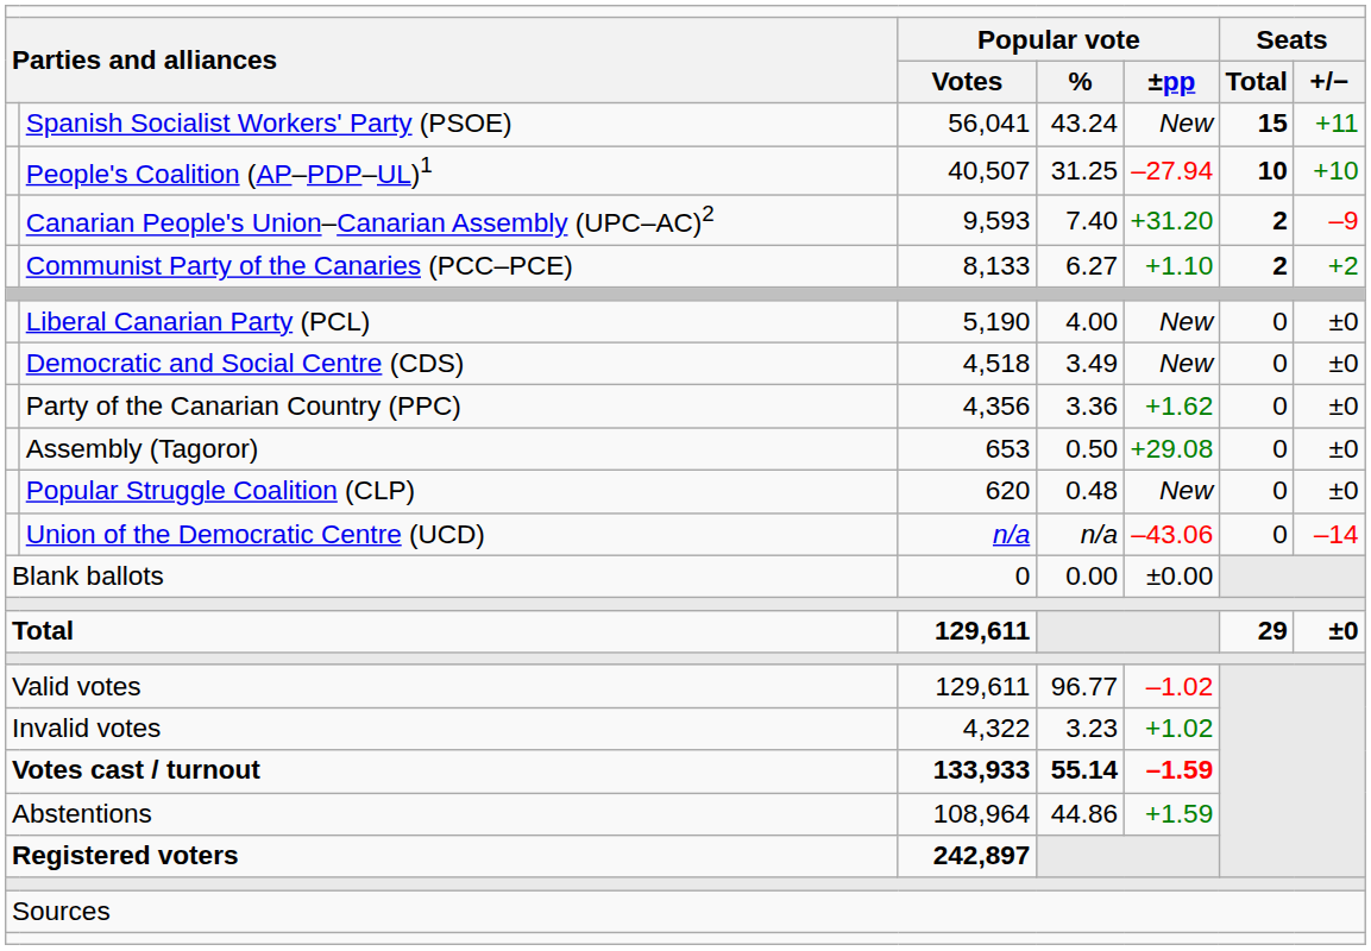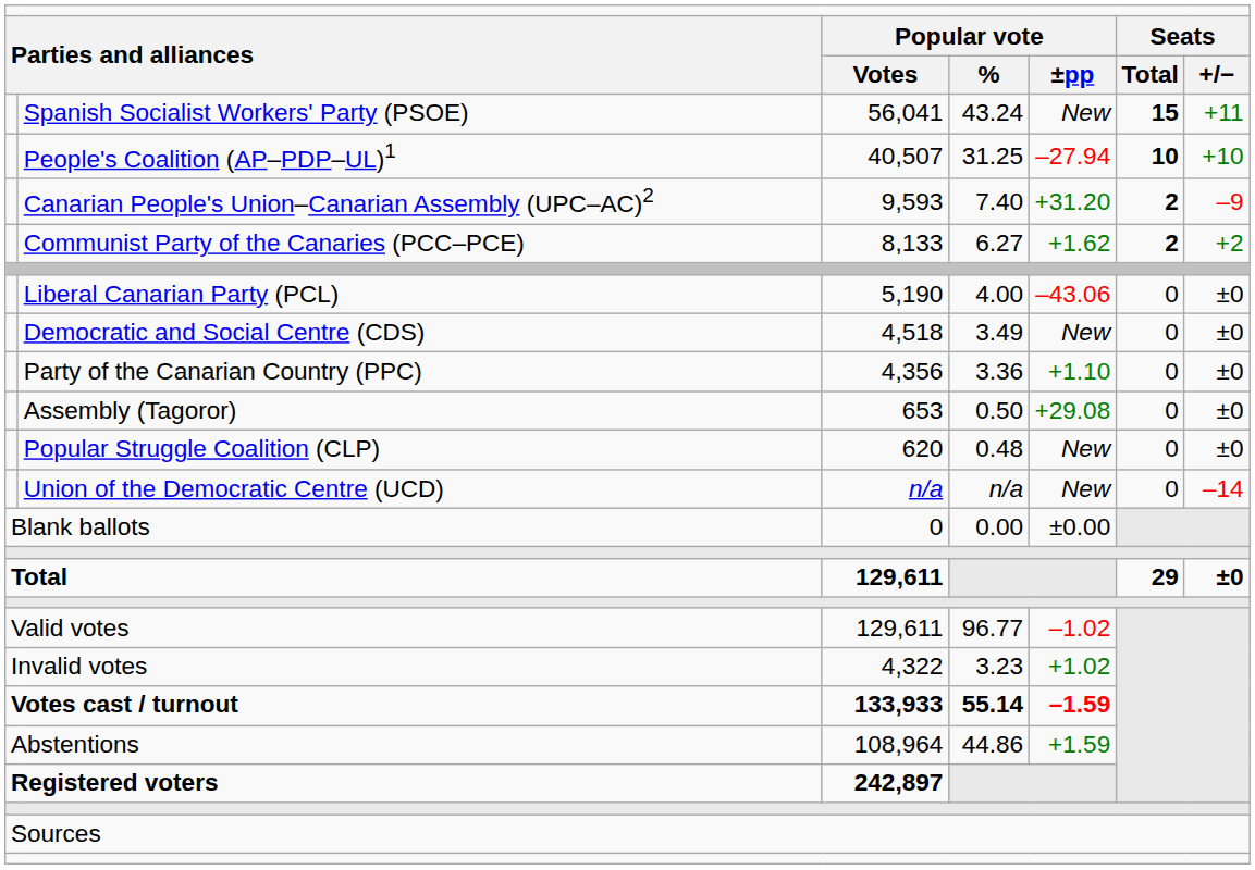 <table class="wikitable" style="text-align:right;">
 <tr>
 <td colspan="7"></td>
 </tr>
 <tr>
 <th style="text-align:left;" rowspan="2" colspan="2" width="525">Parties and alliances</th>
 <th colspan="3">Popular vote</th>
 <th colspan="2">Seats</th>
 </tr>
 <tr>
 <th width="75">Votes</th>
 <th width="45">%</th>
 <th width="45">±<a href='#'>pp</a></th>
 <th width="35">Total</th>
 <th width="35">+/−</th>
 </tr>
 <tr>
 <td width="1" style="color:inherit;background:"></td>
 <td align="left"><a href='#'>Spanish Socialist Workers' Party</a> (PSOE)</td>
 <td>56,041</td>
 <td>43.24</td>
 <td><em>New</em></td>
 <td><strong>15</strong></td>
 <td style="color:green;">+11</td>
 </tr>
 <tr>
 <td style="color:inherit;background:"></td>
 <td align="left"><a href='#'>People's Coalition</a> (<a href='#'>AP</a>–<a href='#'>PDP</a>–<a href='#'>UL</a>)<sup>1</sup></td>
 <td>40,507</td>
 <td>31.25</td>
 <td style="color:red;">–27.94</td>
 <td><strong>10</strong></td>
 <td style="color:green;">+10</td>
 </tr>
 <tr>
 <td style="color:inherit;background:"></td>
 <td align="left"><a href='#'>Canarian People's Union</a>–<a href='#'>Canarian Assembly</a> (UPC–AC)<sup>2</sup></td>
 <td>9,593</td>
 <td>7.40</td>
 <td style="color:green;">+31.20</td>
 <td><strong>2</strong></td>
 <td style="color:red;">–9</td>
 </tr>
 <tr>
 <td style="color:inherit;background:"></td>
 <td align="left"><a href='#'>Communist Party of the Canaries</a> (PCC–PCE)</td>
 <td>8,133</td>
 <td>6.27</td>
-<td style="color:green;">+1.10</td>
+<td style="color:green;">+1.62</td>
 <td><strong>2</strong></td>
 <td style="color:green;">+2</td>
 </tr>
 <tr>
 <td colspan="7" bgcolor="#C0C0C0"></td>
 </tr>
 <tr>
 <td style="color:inherit;background:"></td>
 <td align="left"><a href='#'>Liberal Canarian Party</a> (PCL)</td>
 <td>5,190</td>
 <td>4.00</td>
-<td><em>New</em></td>
+<td style="color:red;">–43.06</td>
 <td>0</td>
 <td>±0</td>
 </tr>
 <tr>
 <td style="color:inherit;background:"></td>
 <td align="left"><a href='#'>Democratic and Social Centre</a> (CDS)</td>
 <td>4,518</td>
 <td>3.49</td>
 <td><em>New</em></td>
 <td>0</td>
 <td>±0</td>
 </tr>
 <tr>
 <td style="color:inherit;background:"></td>
 <td align="left">Party of the Canarian Country (PPC)</td>
 <td>4,356</td>
 <td>3.36</td>
-<td style="color:green;">+1.62</td>
+<td style="color:green;">+1.10</td>
 <td>0</td>
 <td>±0</td>
 </tr>
 <tr>
 <td style="color:inherit;background:"></td>
 <td align="left">Assembly (Tagoror)</td>
 <td>653</td>
 <td>0.50</td>
 <td style="color:green;">+29.08</td>
 <td>0</td>
 <td>±0</td>
 </tr>
 <tr>
 <td style="color:inherit;background:"></td>
 <td align="left"><a href='#'>Popular Struggle Coalition</a> (CLP)</td>
 <td>620</td>
 <td>0.48</td>
 <td><em>New</em></td>
 <td>0</td>
 <td>±0</td>
 </tr>
 <tr>
 <td style="color:inherit;background:"></td>
 <td align="left"><a href='#'>Union of the Democratic Centre</a> (UCD)</td>
 <td><em><a href='#'>n/a</a></em></td>
 <td><em>n/a</em></td>
-<td style="color:red;">–43.06</td>
+<td><em>New</em></td>
 <td>0</td>
 <td style="color:red;">–14</td>
 </tr>
 <tr>
 <td align="left" colspan="2">Blank ballots</td>
 <td>0</td>
 <td>0.00</td>
 <td>±0.00</td>
 <td bgcolor="#E9E9E9" colspan="2"></td>
 </tr>
 <tr>
 <td colspan="7" bgcolor="#E9E9E9"></td>
 </tr>
 <tr style="font-weight:bold;">
 <td align="left" colspan="2">Total</td>
 <td>129,611</td>
 <td bgcolor="#E9E9E9" colspan="2"></td>
 <td>29</td>
 <td>±0</td>
 </tr>
 <tr>
 <td colspan="7" bgcolor="#E9E9E9"></td>
 </tr>
 <tr>
 <td align="left" colspan="2">Valid votes</td>
 <td>129,611</td>
 <td>96.77</td>
 <td style="color:red;">–1.02</td>
 <td bgcolor="#E9E9E9" colspan="2" rowspan="5"></td>
 </tr>
 <tr>
 <td align="left" colspan="2">Invalid votes</td>
 <td>4,322</td>
 <td>3.23</td>
 <td style="color:green;">+1.02</td>
 </tr>
 <tr style="font-weight:bold;">
 <td align="left" colspan="2">Votes cast / turnout</td>
 <td>133,933</td>
 <td>55.14</td>
 <td style="color:red;">–1.59</td>
 </tr>
 <tr>
 <td align="left" colspan="2">Abstentions</td>
 <td>108,964</td>
 <td>44.86</td>
 <td style="color:green;">+1.59</td>
 </tr>
 <tr style="font-weight:bold;">
 <td align="left" colspan="2">Registered voters</td>
 <td>242,897</td>
 <td bgcolor="#E9E9E9" colspan="2"></td>
 </tr>
 <tr>
 <td colspan="7" bgcolor="#E9E9E9"></td>
 </tr>
 <tr>
 <td align="left" colspan="7">Sources</td>
 </tr>
 <tr>
 <td colspan="7" style="text-align:left; max-width:790px;"></td>
 </tr>
 </table>
